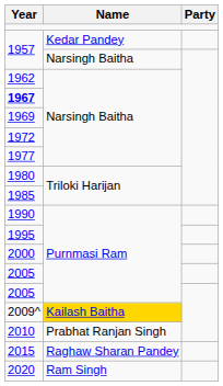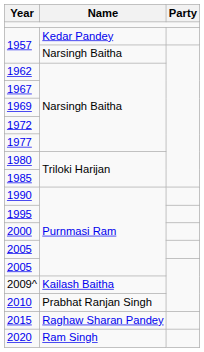 <table class="wikitable sortable">
 <tr>
 <th>Year</th>
 <th>Name</th>
 <th colspan="2">Party</th>
 </tr>
 <tr>
 <td colspan="4"></td>
 </tr>
 <tr>
 <td rowspan="2"><a href='#'>1957</a></td>
 <td><a href='#'>Kedar Pandey</a></td>
 <td></td>
 </tr>
 <tr>
 <td>Narsingh Baitha</td>
 </tr>
 <tr>
 <td><a href='#'>1962</a></td>
 <td rowspan="5">Narsingh Baitha</td>
 </tr>
 <tr>
-<td><strong><a href='#'>1967</a></strong></td>
+<td><a href='#'>1967</a></td>
 </tr>
 <tr>
 <td><a href='#'>1969</a></td>
 </tr>
 <tr>
 <td><a href='#'>1972</a></td>
 </tr>
 <tr>
 <td><a href='#'>1977</a></td>
 </tr>
 <tr>
 <td><a href='#'>1980</a></td>
 <td rowspan="2">Triloki Harijan</td>
 </tr>
 <tr>
 <td><a href='#'>1985</a></td>
 </tr>
 <tr>
 <td><a href='#'>1990</a></td>
 <td rowspan="5"><a href='#'>Purnmasi Ram</a></td>
 <td></td>
 </tr>
 <tr>
 <td><a href='#'>1995</a></td>
 </tr>
 <tr>
 <td><a href='#'>2000</a></td>
 <td></td>
 </tr>
 <tr>
 <td><a href='#'>2005</a></td>
 <td></td>
 </tr>
 <tr>
 <td><a href='#'>2005</a></td>
 </tr>
 <tr>
 <td>2009^</td>
-<td style="background: gold;"><a href='#'>Kailash Baitha</a></td>
+<td><a href='#'>Kailash Baitha</a></td>
 </tr>
 <tr>
 <td><a href='#'>2010</a></td>
 <td>Prabhat Ranjan Singh</td>
 </tr>
 <tr>
 <td><a href='#'>2015</a></td>
 <td><a href='#'>Raghaw Sharan Pandey</a></td>
 <td></td>
 </tr>
 <tr>
 <td><a href='#'>2020</a></td>
 <td><a href='#'>Ram Singh</a></td>
 </tr>
 </table>
